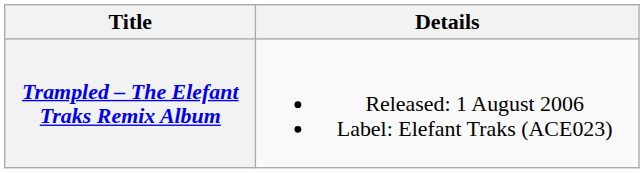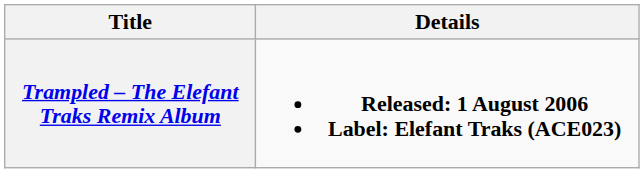 <table class="wikitable plainrowheaders" style="text-align:center;" border="1">
 <tr>
 <th scope="col" style="width:11em;">Title</th>
 <th scope="col" style="width:17em;">Details</th>
 </tr>
 <tr>
 <th scope="row"><em><a href='#'>Trampled – The Elefant Traks Remix Album</a></em></th>
-<td><br><ul><li>Released: 1 August 2006</li><li>Label: Elefant Traks (ACE023)</li></ul></td>
+<td><strong><br><ul><li>Released: 1 August 2006</li><li>Label: Elefant Traks (ACE023)</li></ul></strong></td>
 </tr>
 </table>
